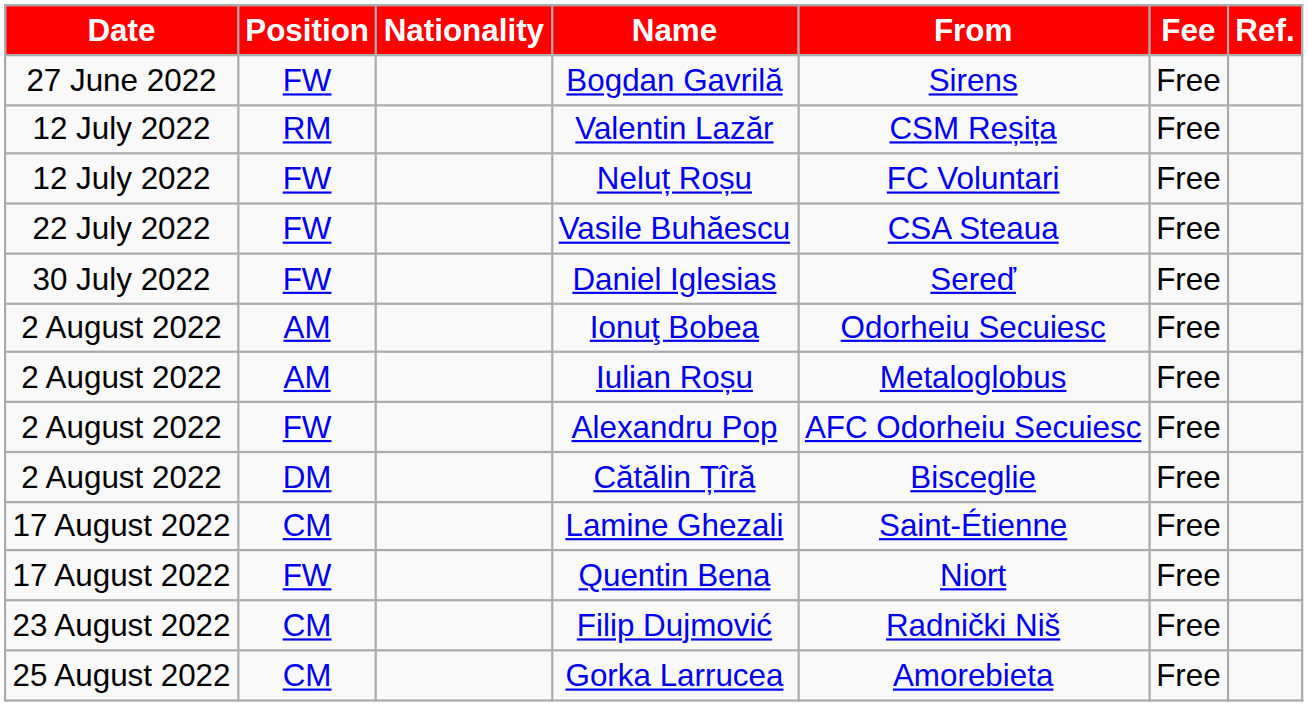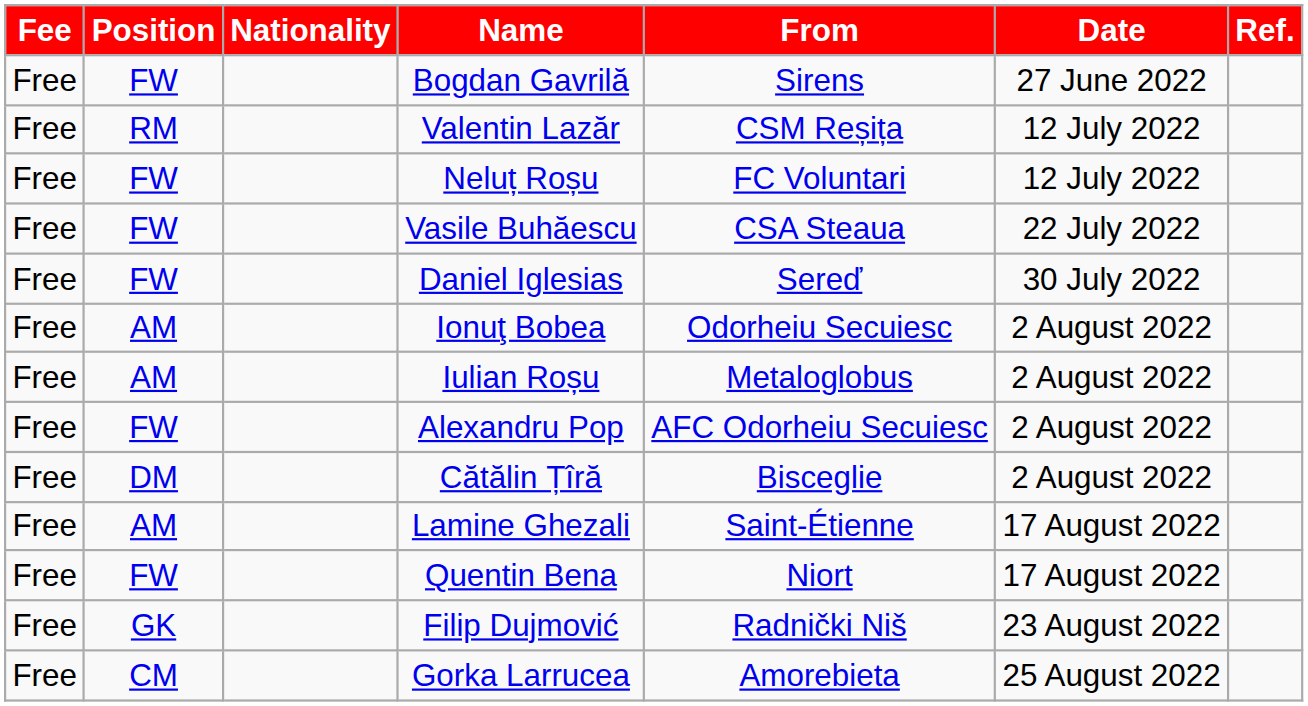 <table class="wikitable"  style="text-align:center; font-size:90%; ">
 <tr>
-<th style="background:red;color:white;">Date</th>
+<th style="background:red;color:white;">Fee</th>
 <th style="background:red;color:white;">Position</th>
 <th style="background:red;color:white;">Nationality</th>
 <th style="background:red;color:white;">Name</th>
 <th style="background:red;color:white;">From</th>
-<th style="background:red;color:white;">Fee</th>
+<th style="background:red;color:white;">Date</th>
 <th style="background:red;color:white;">Ref.</th>
 </tr>
 <tr>
-<td>27 June 2022</td>
+<td>Free</td>
 <td><a href='#'>FW</a></td>
 <td></td>
 <td><a href='#'>Bogdan Gavrilă</a></td>
 <td><a href='#'>Sirens</a></td>
-<td>Free</td>
+<td>27 June 2022</td>
 <td></td>
 </tr>
 <tr>
-<td>12 July 2022</td>
+<td>Free</td>
 <td><a href='#'>RM</a></td>
 <td></td>
 <td><a href='#'>Valentin Lazăr</a></td>
 <td><a href='#'>CSM Reșița</a></td>
-<td>Free</td>
+<td>12 July 2022</td>
 <td></td>
 </tr>
 <tr>
-<td>12 July 2022</td>
+<td>Free</td>
 <td><a href='#'>FW</a></td>
 <td></td>
 <td><a href='#'>Neluț Roșu</a></td>
 <td><a href='#'>FC Voluntari</a></td>
-<td>Free</td>
+<td>12 July 2022</td>
 <td></td>
 </tr>
 <tr>
-<td>22 July 2022</td>
+<td>Free</td>
 <td><a href='#'>FW</a></td>
 <td></td>
 <td><a href='#'>Vasile Buhăescu</a></td>
 <td><a href='#'>CSA Steaua</a></td>
-<td>Free</td>
+<td>22 July 2022</td>
 <td></td>
 </tr>
 <tr>
-<td>30 July 2022</td>
+<td>Free</td>
 <td><a href='#'>FW</a></td>
 <td></td>
 <td><a href='#'>Daniel Iglesias</a></td>
 <td><a href='#'>Sereď</a></td>
-<td>Free</td>
+<td>30 July 2022</td>
 <td></td>
 </tr>
 <tr>
-<td>2 August 2022</td>
+<td>Free</td>
 <td><a href='#'>AM</a></td>
 <td></td>
 <td><a href='#'>Ionuţ Bobea</a></td>
 <td><a href='#'>Odorheiu Secuiesc</a></td>
-<td>Free</td>
+<td>2 August 2022</td>
 <td></td>
 </tr>
 <tr>
-<td>2 August 2022</td>
+<td>Free</td>
 <td><a href='#'>AM</a></td>
 <td></td>
 <td><a href='#'>Iulian Roșu</a></td>
 <td><a href='#'>Metaloglobus</a></td>
-<td>Free</td>
+<td>2 August 2022</td>
 <td></td>
 </tr>
 <tr>
-<td>2 August 2022</td>
+<td>Free</td>
 <td><a href='#'>FW</a></td>
 <td></td>
 <td><a href='#'>Alexandru Pop</a></td>
 <td><a href='#'>AFC Odorheiu Secuiesc</a></td>
-<td>Free</td>
+<td>2 August 2022</td>
 <td></td>
 </tr>
 <tr>
-<td>2 August 2022</td>
+<td>Free</td>
 <td><a href='#'>DM</a></td>
 <td></td>
 <td><a href='#'>Cătălin Țîră</a></td>
 <td><a href='#'>Bisceglie</a></td>
-<td>Free</td>
+<td>2 August 2022</td>
 <td></td>
 </tr>
 <tr>
-<td>17 August 2022</td>
-<td><a href='#'>CM</a></td>
+<td>Free</td>
+<td><a href='#'>AM</a></td>
 <td></td>
 <td><a href='#'>Lamine Ghezali</a></td>
 <td><a href='#'>Saint-Étienne</a></td>
-<td>Free</td>
+<td>17 August 2022</td>
 <td></td>
 </tr>
 <tr>
-<td>17 August 2022</td>
+<td>Free</td>
 <td><a href='#'>FW</a></td>
 <td></td>
 <td><a href='#'>Quentin Bena</a></td>
 <td><a href='#'>Niort</a></td>
-<td>Free</td>
+<td>17 August 2022</td>
 <td></td>
 </tr>
 <tr>
-<td>23 August 2022</td>
-<td><a href='#'>CM</a></td>
+<td>Free</td>
+<td><a href='#'>GK</a></td>
 <td></td>
 <td><a href='#'>Filip Dujmović</a></td>
 <td><a href='#'>Radnički Niš</a></td>
-<td>Free</td>
+<td>23 August 2022</td>
 <td></td>
 </tr>
 <tr>
-<td>25 August 2022</td>
+<td>Free</td>
 <td><a href='#'>CM</a></td>
 <td></td>
 <td><a href='#'>Gorka Larrucea</a></td>
 <td><a href='#'>Amorebieta</a></td>
-<td>Free</td>
+<td>25 August 2022</td>
 <td></td>
 </tr>
 </table>
